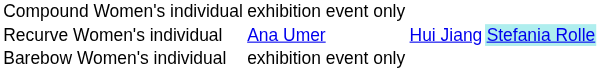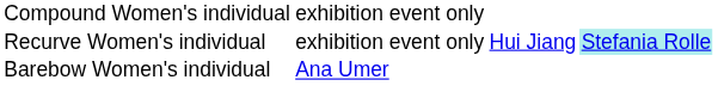 <table>
 <tr>
 <td>Compound Women's individual</td>
 <td>exhibition event only</td>
 </tr>
 <tr>
 <td>Recurve Women's individual</td>
-<td> <a href='#'>Ana Umer</a></td>
+<td>exhibition event only</td>
 <td> <a href='#'>Hui Jiang</a></td>
 <td style="background: paleturquoise;"> <a href='#'>Stefania Rolle</a></td>
 </tr>
 <tr>
 <td>Barebow Women's individual</td>
-<td>exhibition event only</td>
+<td> <a href='#'>Ana Umer</a></td>
 </tr>
 </table>
